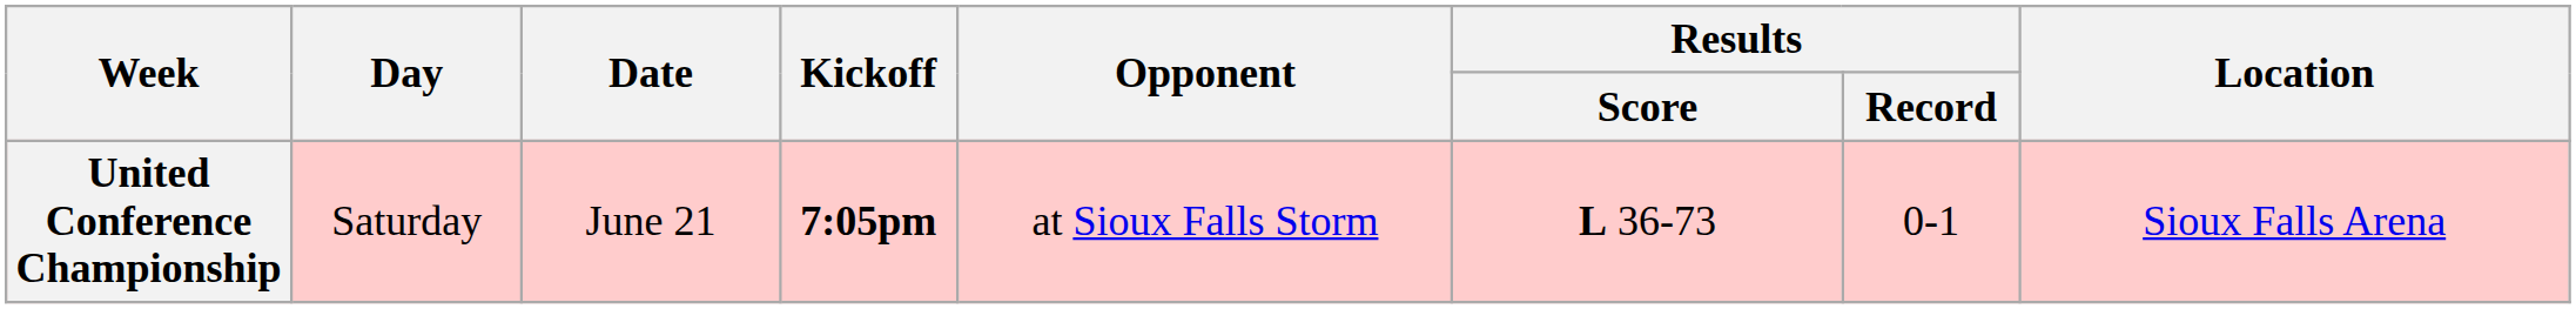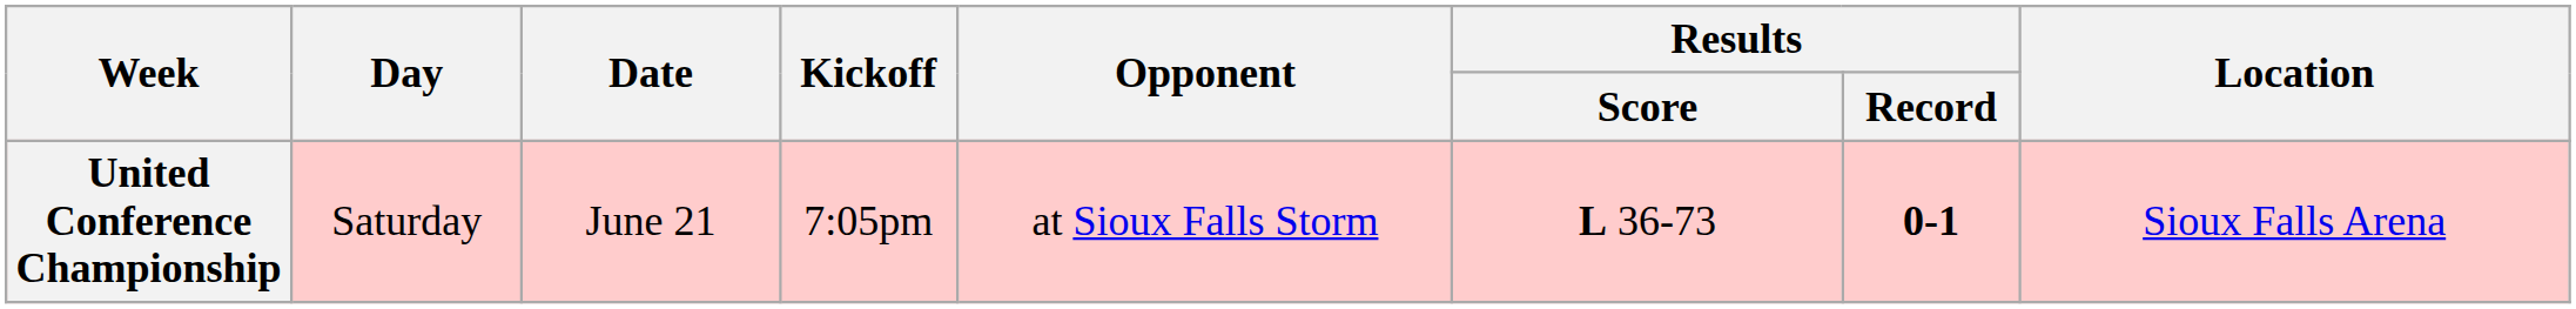 <table class="wikitable">
 <tr>
 <th rowspan="2" width="40">Week</th>
 <th rowspan="2" width="80">Day</th>
 <th rowspan="2" width="90">Date</th>
 <th rowspan="2" width="60">Kickoff</th>
 <th rowspan="2" width="180">Opponent</th>
 <th colspan="2" width="200">Results</th>
 <th rowspan="2" width="200">Location</th>
 </tr>
 <tr>
 <th width="140">Score</th>
 <th width="60">Record</th>
 </tr>
 <tr align="center" bgcolor="#FFCCCC">
 <th>United Conference Championship</th>
 <td>Saturday</td>
 <td>June 21</td>
-<td><strong>7:05pm</strong></td>
+<td>7:05pm</td>
 <td>at <a href='#'>Sioux Falls Storm</a></td>
 <td><strong>L</strong> 36-73</td>
-<td>0-1</td>
+<td><strong>0-1</strong></td>
 <td><a href='#'>Sioux Falls Arena</a></td>
 </tr>
 </table>
